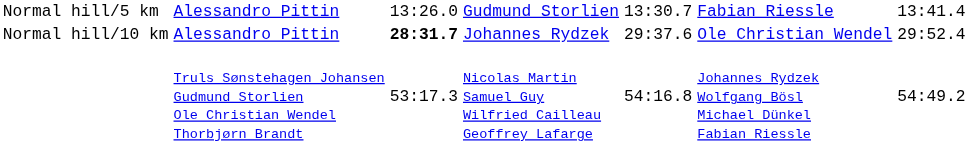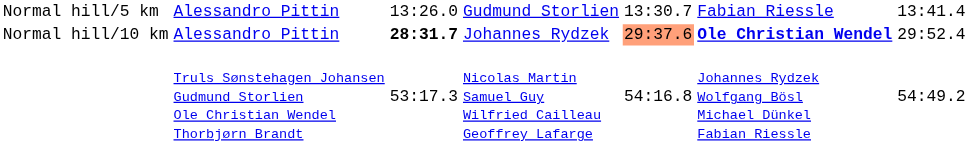 <table>
 <tr>
 <td>Normal hill/5 km</td>
 <td><a href='#'>Alessandro Pittin</a><br></td>
 <td>13:26.0</td>
 <td><a href='#'>Gudmund Storlien</a><br></td>
 <td>13:30.7</td>
 <td><a href='#'>Fabian Riessle</a><br></td>
 <td>13:41.4</td>
 </tr>
 <tr>
 <td>Normal hill/10 km</td>
 <td><a href='#'>Alessandro Pittin</a><br></td>
 <td><strong>28:31.7</strong></td>
 <td><a href='#'>Johannes Rydzek</a><br></td>
-<td>29:37.6</td>
-<td><a href='#'>Ole Christian Wendel</a><br></td>
+<td style="background: lightsalmon;">29:37.6</td>
+<td><strong><a href='#'>Ole Christian Wendel</a><br></strong></td>
 <td>29:52.4</td>
 </tr>
 <tr>
 <td></td>
 <td><br><small><a href='#'>Truls Sønstehagen Johansen</a><br><a href='#'>Gudmund Storlien</a><br><a href='#'>Ole Christian Wendel</a><br><a href='#'>Thorbjørn Brandt</a></small></td>
 <td>53:17.3</td>
 <td><br><small><a href='#'>Nicolas Martin</a><br><a href='#'>Samuel Guy</a><br><a href='#'>Wilfried Cailleau</a><br><a href='#'>Geoffrey Lafarge</a></small></td>
 <td>54:16.8</td>
 <td><br><small><a href='#'>Johannes Rydzek</a><br><a href='#'>Wolfgang Bösl</a><br><a href='#'>Michael Dünkel</a><br><a href='#'>Fabian Riessle</a></small></td>
 <td>54:49.2</td>
 </tr>
 <tr>
 </tr>
 </table>
